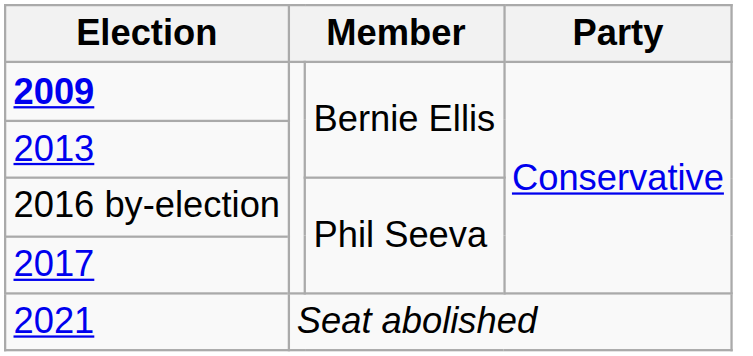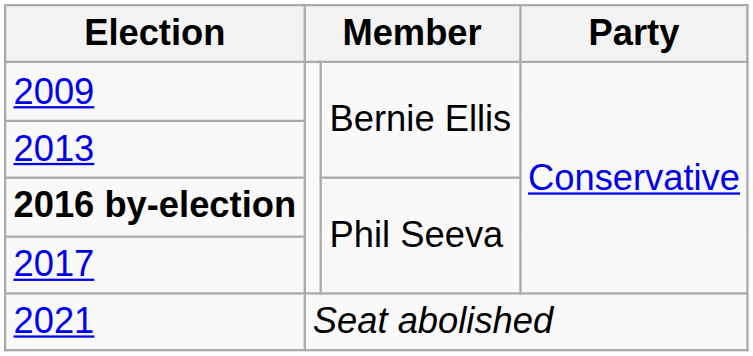 <table class="wikitable">
 <tr>
 <th>Election</th>
 <th colspan="2">Member</th>
 <th>Party</th>
 </tr>
 <tr>
-<td><strong><a href='#'>2009</a></strong></td>
+<td><a href='#'>2009</a></td>
 <td rowspan="4" style="background-color: "></td>
 <td rowspan="2">Bernie Ellis</td>
 <td rowspan="4"><a href='#'>Conservative</a></td>
 </tr>
 <tr>
 <td><a href='#'>2013</a></td>
 </tr>
 <tr>
-<td>2016 by-election</td>
+<td><strong>2016 by-election</strong></td>
 <td rowspan="2">Phil Seeva</td>
 </tr>
 <tr>
 <td><a href='#'>2017</a></td>
 </tr>
 <tr>
 <td><a href='#'>2021</a></td>
 <td colspan="3"><em>Seat abolished</em></td>
 </tr>
 </table>
